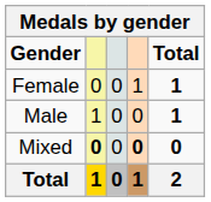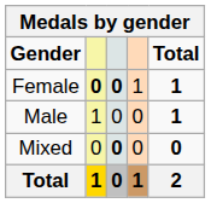 <table class=wikitable style=font-size:85%>
 <tr style="background:#efefef;">
 <th colspan=7><strong>Medals by gender</strong></th>
 </tr>
 <tr align=center>
 <td><strong>Gender</strong></td>
 <td bgcolor=#f7f6a8></td>
 <td bgcolor=#dce5e5></td>
 <td bgcolor=#ffdab9></td>
 <td><strong>Total</strong></td>
 </tr>
 <tr align=center>
 <td>Female</td>
-<td style="background:#F7F6A8;">0</td>
-<td style="background:#DCE5E5;">0</td>
+<td style="background:#F7F6A8;"><strong>0</strong></td>
+<td style="background:#DCE5E5;"><strong>0</strong></td>
 <td style="background:#FFDAB9;">1</td>
 <td><strong>1</strong></td>
 </tr>
 <tr align=center>
 <td>Male</td>
 <td style="background:#F7F6A8;">1</td>
 <td style="background:#DCE5E5;">0</td>
 <td style="background:#FFDAB9;">0</td>
 <td><strong>1</strong></td>
 </tr>
 <tr align=center>
 <td>Mixed</td>
-<td style="background:#F7F6A8;"><strong>0</strong></td>
-<td style="background:#DCE5E5;">0</td>
-<td style="background:#FFDAB9;"><strong>0</strong></td>
+<td style="background:#F7F6A8;">0</td>
+<td style="background:#DCE5E5;"><strong>0</strong></td>
+<td style="background:#FFDAB9;">0</td>
 <td><strong>0</strong></td>
 </tr>
 <tr align=center>
 <th><strong>Total</strong></th>
 <th style="background:gold;"><strong>1</strong></th>
 <th style="background:silver;"><strong>0</strong></th>
 <th style="background:#c96;"><strong>1</strong></th>
 <th><strong>2</strong></th>
 </tr>
 </table>
